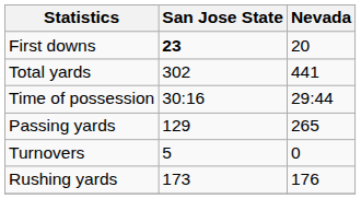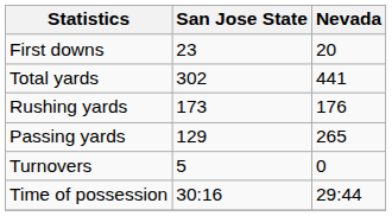 <table class="wikitable">
 <tr>
 <th>Statistics</th>
 <th>San Jose State</th>
 <th>Nevada</th>
 </tr>
 <tr>
 <td>First downs</td>
-<td><strong>23</strong></td>
+<td>23</td>
 <td>20</td>
 </tr>
 <tr>
 <td>Total yards</td>
 <td>302</td>
 <td>441</td>
 </tr>
 <tr>
-<td>Time of possession</td>
-<td>30:16</td>
-<td>29:44</td>
+<td>Rushing yards</td>
+<td>173</td>
+<td>176</td>
 </tr>
 <tr>
 <td>Passing yards</td>
 <td>129</td>
 <td>265</td>
 </tr>
 <tr>
 <td>Turnovers</td>
 <td>5</td>
 <td>0</td>
 </tr>
 <tr>
-<td>Rushing yards</td>
-<td>173</td>
-<td>176</td>
+<td>Time of possession</td>
+<td>30:16</td>
+<td>29:44</td>
 </tr>
 <tr>
 </tr>
 </table>
